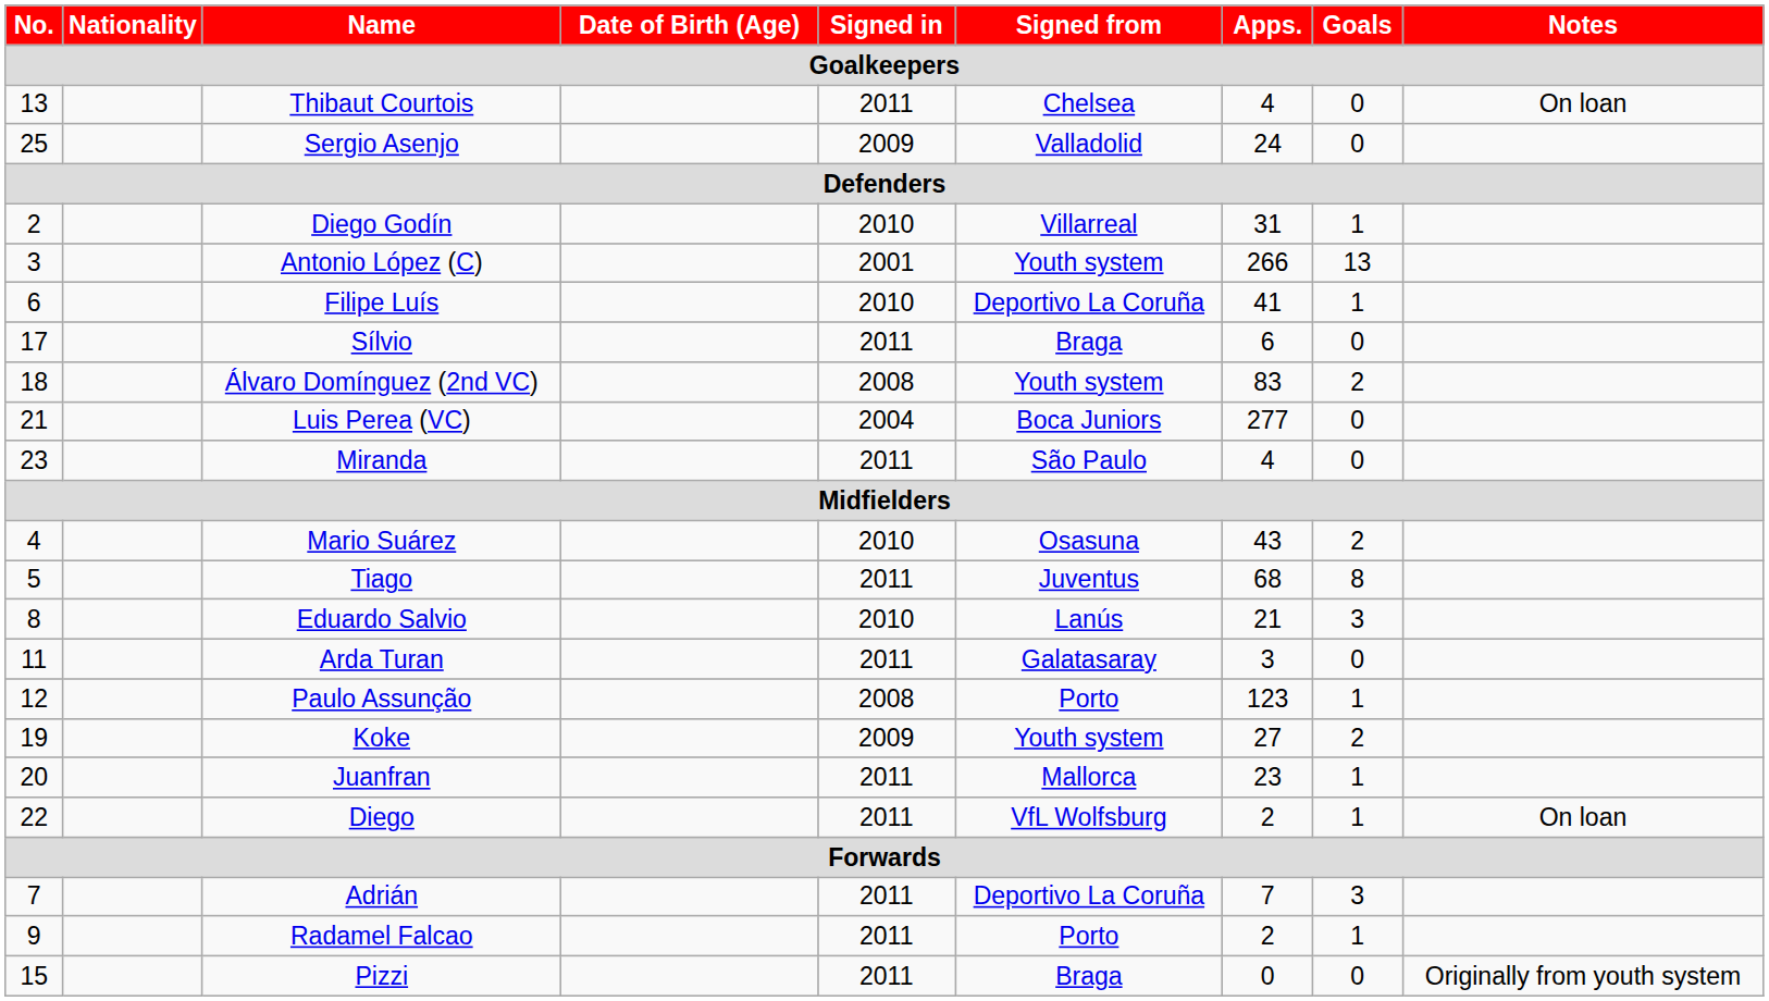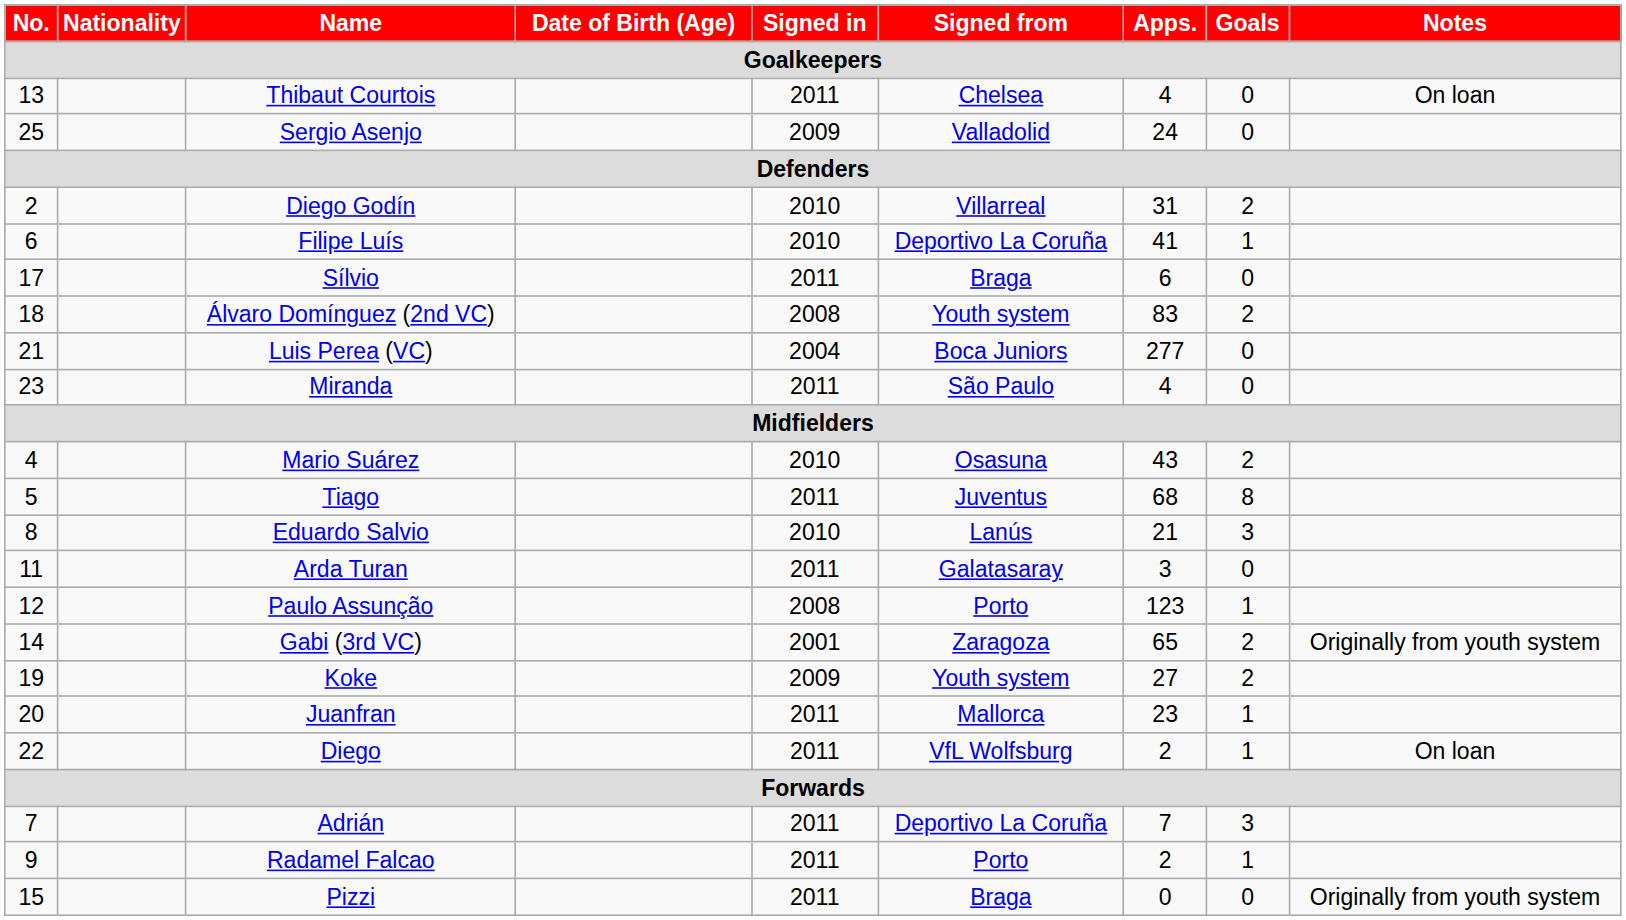 <table class="wikitable" style="text-align:center; font-size:90%; width:80%;">
 <tr>
 <th style="background:#f00; color:white;">No.</th>
 <th style="background:#f00; color:white; width:55px;">Nationality</th>
 <th style="background:#f00; color:white;">Name</th>
 <th style="background:#f00; color:white;">Date of Birth (Age)</th>
 <th style="background:#f00; color:white;">Signed in</th>
 <th style="background:#f00; color:white;">Signed from</th>
 <th style="background:#f00; color:white;">Apps.</th>
 <th style="background:#f00; color:white;">Goals</th>
 <th style="background:#f00; color:white;">Notes</th>
 </tr>
 <tr>
 <th colspan="9" style="background:#DCDCDC;">Goalkeepers</th>
 </tr>
 <tr>
 <td>13</td>
 <td></td>
 <td><a href='#'>Thibaut Courtois</a></td>
 <td></td>
 <td>2011</td>
 <td> <a href='#'>Chelsea</a></td>
 <td>4</td>
 <td>0</td>
 <td>On loan</td>
 </tr>
 <tr>
 <td>25</td>
 <td></td>
 <td><a href='#'>Sergio Asenjo</a></td>
 <td></td>
 <td>2009</td>
 <td><a href='#'>Valladolid</a></td>
 <td>24</td>
 <td>0</td>
 <td></td>
 </tr>
 <tr>
 <th colspan="9" style="background:#DCDCDC;">Defenders</th>
 </tr>
 <tr>
 <td>2</td>
 <td></td>
 <td><a href='#'>Diego Godín</a></td>
 <td></td>
 <td>2010</td>
 <td><a href='#'>Villarreal</a></td>
 <td>31</td>
-<td>1</td>
-<td></td>
-</tr>
-<tr>
-<td>3</td>
-<td></td>
-<td><a href='#'>Antonio López</a> (<a href='#'>C</a>)</td>
-<td></td>
-<td>2001</td>
-<td><a href='#'>Youth system</a></td>
-<td>266</td>
-<td>13</td>
+<td>2</td>
 <td></td>
 </tr>
 <tr>
 <td>6</td>
 <td></td>
 <td><a href='#'>Filipe Luís</a></td>
 <td></td>
 <td>2010</td>
 <td><a href='#'>Deportivo La Coruña</a></td>
 <td>41</td>
 <td>1</td>
 <td></td>
 </tr>
 <tr>
 <td>17</td>
 <td></td>
 <td><a href='#'>Sílvio</a></td>
 <td></td>
 <td>2011</td>
 <td> <a href='#'>Braga</a></td>
 <td>6</td>
 <td>0</td>
 <td></td>
 </tr>
 <tr>
 <td>18</td>
 <td></td>
 <td><a href='#'>Álvaro Domínguez</a> (<a href='#'>2nd VC</a>)</td>
 <td></td>
 <td>2008</td>
 <td><a href='#'>Youth system</a></td>
 <td>83</td>
 <td>2</td>
 <td></td>
 </tr>
 <tr>
 <td>21</td>
 <td></td>
 <td><a href='#'>Luis Perea</a> (<a href='#'>VC</a>)</td>
 <td></td>
 <td>2004</td>
 <td> <a href='#'>Boca Juniors</a></td>
 <td>277</td>
 <td>0</td>
 <td></td>
 </tr>
 <tr>
 <td>23</td>
 <td></td>
 <td><a href='#'>Miranda</a></td>
 <td></td>
 <td>2011</td>
 <td> <a href='#'>São Paulo</a></td>
 <td>4</td>
 <td>0</td>
 <td></td>
 </tr>
 <tr>
 <th colspan="9" style="background:#DCDCDC;">Midfielders</th>
 </tr>
 <tr>
 <td>4</td>
 <td></td>
 <td><a href='#'>Mario Suárez</a></td>
 <td></td>
 <td>2010</td>
 <td><a href='#'>Osasuna</a></td>
 <td>43</td>
 <td>2</td>
 <td></td>
 </tr>
 <tr>
 <td>5</td>
 <td></td>
 <td><a href='#'>Tiago</a></td>
 <td></td>
 <td>2011</td>
 <td> <a href='#'>Juventus</a></td>
 <td>68</td>
 <td>8</td>
 <td></td>
 </tr>
 <tr>
 <td>8</td>
 <td></td>
 <td><a href='#'>Eduardo Salvio</a></td>
 <td></td>
 <td>2010</td>
 <td> <a href='#'>Lanús</a></td>
 <td>21</td>
 <td>3</td>
 <td></td>
 </tr>
 <tr>
 <td>11</td>
 <td></td>
 <td><a href='#'>Arda Turan</a></td>
 <td></td>
 <td>2011</td>
 <td> <a href='#'>Galatasaray</a></td>
 <td>3</td>
 <td>0</td>
 <td></td>
 </tr>
 <tr>
 <td>12</td>
 <td></td>
 <td><a href='#'>Paulo Assunção</a></td>
 <td></td>
 <td>2008</td>
 <td> <a href='#'>Porto</a></td>
 <td>123</td>
 <td>1</td>
 <td></td>
 </tr>
 <tr>
+<td>14</td>
+<td></td>
+<td><a href='#'>Gabi</a> (<a href='#'>3rd VC</a>)</td>
+<td></td>
+<td>2001</td>
+<td><a href='#'>Zaragoza</a></td>
+<td>65</td>
+<td>2</td>
+<td>Originally from youth system</td>
+</tr>
+<tr>
 <td>19</td>
 <td></td>
 <td><a href='#'>Koke</a></td>
 <td></td>
 <td>2009</td>
 <td><a href='#'>Youth system</a></td>
 <td>27</td>
 <td>2</td>
 <td></td>
 </tr>
 <tr>
 <td>20</td>
 <td></td>
 <td><a href='#'>Juanfran</a></td>
 <td></td>
 <td>2011</td>
 <td><a href='#'>Mallorca</a></td>
 <td>23</td>
 <td>1</td>
 <td></td>
 </tr>
 <tr>
 <td>22</td>
 <td></td>
 <td><a href='#'>Diego</a></td>
 <td></td>
 <td>2011</td>
 <td> <a href='#'>VfL Wolfsburg</a></td>
 <td>2</td>
 <td>1</td>
 <td>On loan</td>
 </tr>
 <tr>
 <th colspan="9" style="background:#DCDCDC;">Forwards</th>
 </tr>
 <tr>
 <td>7</td>
 <td></td>
 <td><a href='#'>Adrián</a></td>
 <td></td>
 <td>2011</td>
 <td><a href='#'>Deportivo La Coruña</a></td>
 <td>7</td>
 <td>3</td>
 <td></td>
 </tr>
 <tr>
 <td>9</td>
 <td></td>
 <td><a href='#'>Radamel Falcao</a></td>
 <td></td>
 <td>2011</td>
 <td> <a href='#'>Porto</a></td>
 <td>2</td>
 <td>1</td>
 <td></td>
 </tr>
 <tr>
 <td>15</td>
 <td></td>
 <td><a href='#'>Pizzi</a></td>
 <td></td>
 <td>2011</td>
 <td> <a href='#'>Braga</a></td>
 <td>0</td>
 <td>0</td>
 <td>Originally from youth system</td>
 </tr>
 </table>
